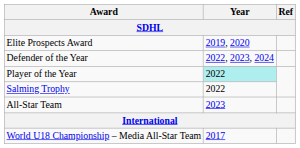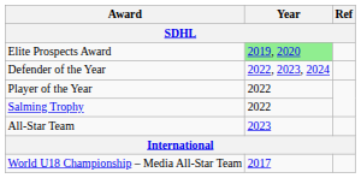 <table class="wikitable">
 <tr>
 <th>Award</th>
 <th>Year</th>
 <th>Ref</th>
 </tr>
 <tr>
 <th colspan="3"><a href='#'>SDHL</a></th>
 </tr>
 <tr>
 <td>Elite Prospects Award</td>
-<td><a href='#'>2019</a>, <a href='#'>2020</a></td>
+<td style="background: lightgreen;"><a href='#'>2019</a>, <a href='#'>2020</a></td>
 <td></td>
 </tr>
 <tr>
 <td>Defender of the Year</td>
 <td><a href='#'>2022</a>, <a href='#'>2023</a>, <a href='#'>2024</a></td>
 <td></td>
 </tr>
 <tr>
 <td>Player of the Year</td>
-<td style="background: paleturquoise;">2022</td>
+<td>2022</td>
 <td rowspan="2"></td>
 </tr>
 <tr>
 <td><a href='#'>Salming Trophy</a></td>
 <td>2022</td>
 </tr>
 <tr>
 <td>All-Star Team</td>
 <td><a href='#'>2023</a></td>
 <td></td>
 </tr>
 <tr>
 <th colspan="3"><a href='#'>International</a></th>
 </tr>
 <tr>
 <td><a href='#'>World U18 Championship</a> – Media All-Star Team</td>
 <td><a href='#'>2017</a></td>
 <td></td>
 </tr>
 </table>
